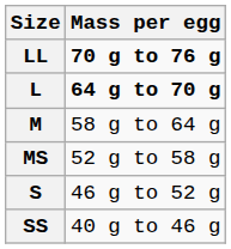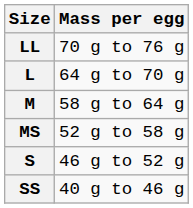 <table class="wikitable">
 <tr>
 <th>Size</th>
 <th>Mass per egg</th>
 </tr>
 <tr>
 <th>LL</th>
-<td><strong>70 g to 76 g</strong></td>
+<td>70 g to 76 g</td>
 </tr>
 <tr>
 <th>L</th>
-<td><strong>64 g to 70 g</strong></td>
+<td>64 g to 70 g</td>
 </tr>
 <tr>
 <th>M</th>
 <td>58 g to 64 g</td>
 </tr>
 <tr>
 <th>MS</th>
 <td>52 g to 58 g</td>
 </tr>
 <tr>
 <th>S</th>
 <td>46 g to 52 g</td>
 </tr>
 <tr>
 <th>SS</th>
 <td>40 g to 46 g</td>
 </tr>
 </table>
